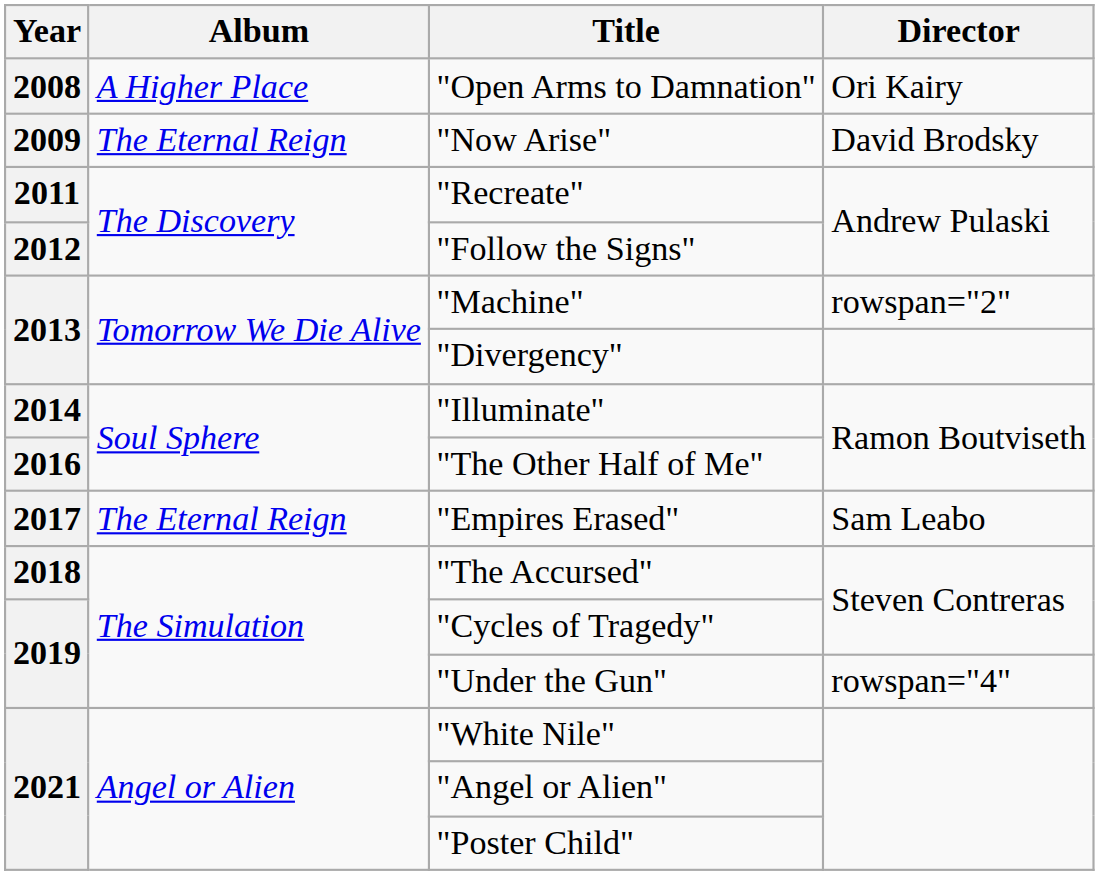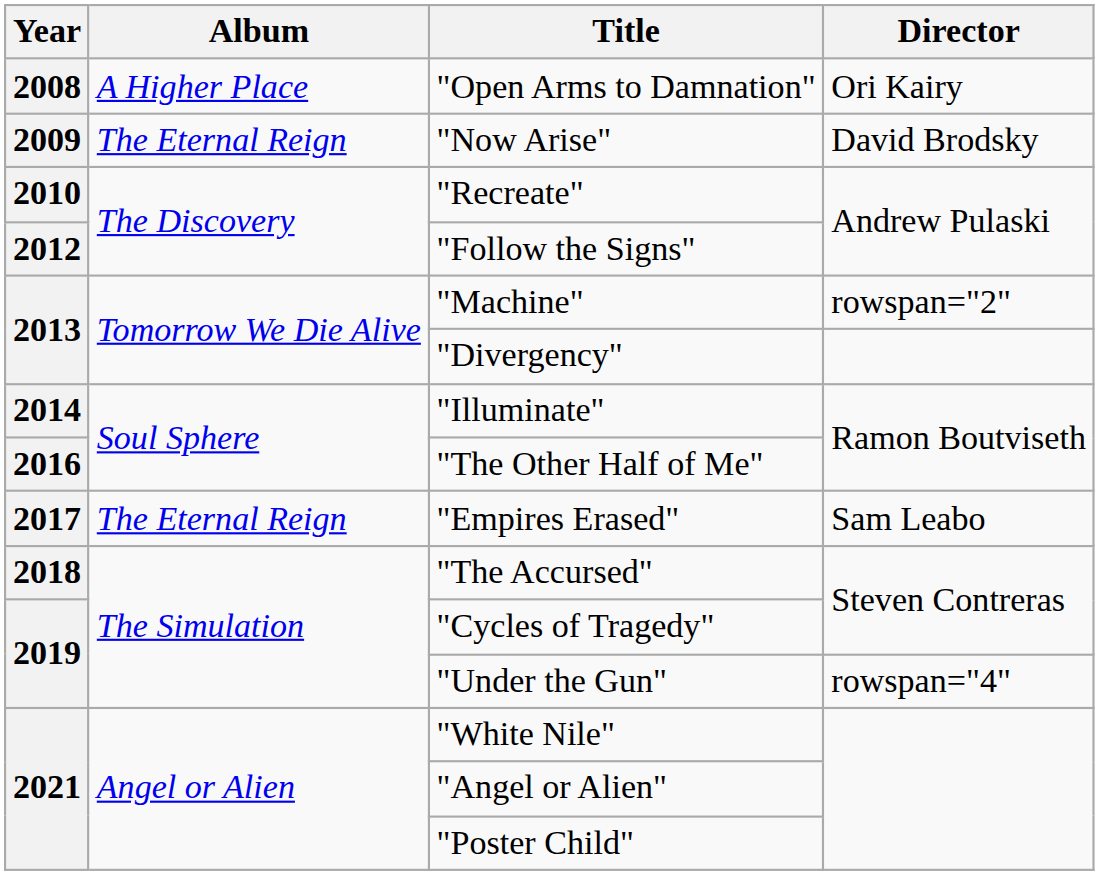 <table class="wikitable">
 <tr>
 <th>Year</th>
 <th>Album</th>
 <th>Title</th>
 <th>Director</th>
 </tr>
 <tr>
 <th>2008</th>
 <td><em><a href='#'>A Higher Place</a></em></td>
 <td>"Open Arms to Damnation"</td>
 <td>Ori Kairy</td>
 </tr>
 <tr>
 <th>2009</th>
 <td><em><a href='#'>The Eternal Reign</a></em></td>
 <td>"Now Arise"</td>
 <td>David Brodsky</td>
 </tr>
 <tr>
-<th>2011</th>
+<th>2010</th>
 <td rowspan="2"><em><a href='#'>The Discovery</a></em></td>
 <td>"Recreate"</td>
 <td rowspan="2">Andrew Pulaski</td>
 </tr>
 <tr>
 <th>2012</th>
 <td>"Follow the Signs"</td>
 </tr>
 <tr>
 <th rowspan="2">2013</th>
 <td rowspan="2"><em><a href='#'>Tomorrow We Die Alive</a></em></td>
 <td>"Machine"</td>
 <td>rowspan="2"</td>
 </tr>
 <tr>
 <td>"Divergency"</td>
 </tr>
 <tr>
 <th>2014</th>
 <td rowspan="2"><em><a href='#'>Soul Sphere</a></em></td>
 <td>"Illuminate"</td>
 <td rowspan="2">Ramon Boutviseth</td>
 </tr>
 <tr>
 <th>2016</th>
 <td>"The Other Half of Me"</td>
 </tr>
 <tr>
 <th>2017</th>
 <td><em><a href='#'>The Eternal Reign</a></em></td>
 <td>"Empires Erased"</td>
 <td>Sam Leabo</td>
 </tr>
 <tr>
 <th>2018</th>
 <td rowspan="3"><em><a href='#'>The Simulation</a></em></td>
 <td>"The Accursed"</td>
 <td rowspan="2">Steven Contreras</td>
 </tr>
 <tr>
 <th rowspan="2">2019</th>
 <td>"Cycles of Tragedy"</td>
 </tr>
 <tr>
 <td>"Under the Gun"</td>
 <td>rowspan="4"</td>
 </tr>
 <tr>
 <th rowspan="3">2021</th>
 <td rowspan="3"><em><a href='#'>Angel or Alien</a></em></td>
 <td>"White Nile"</td>
 </tr>
 <tr>
 <td>"Angel or Alien"</td>
 </tr>
 <tr>
 <td>"Poster Child"</td>
 </tr>
 </table>
